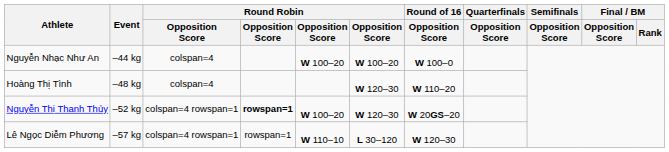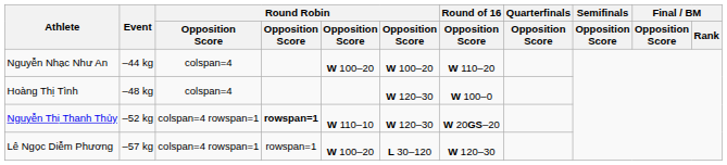 <table class="wikitable" style="font-size:90%">
 <tr>
 <th rowspan=2>Athlete</th>
 <th rowspan=2>Event</th>
 <th colspan=4>Round Robin</th>
 <th>Round of 16</th>
 <th>Quarterfinals</th>
 <th>Semifinals</th>
 <th colspan=2>Final / BM</th>
 </tr>
 <tr style="font-size:95">
 <th>Opposition<br>Score</th>
 <th>Opposition<br>Score</th>
 <th>Opposition<br>Score</th>
 <th>Opposition<br>Score</th>
 <th>Opposition<br>Score</th>
 <th>Opposition<br>Score</th>
 <th>Opposition<br>Score</th>
 <th>Opposition<br>Score</th>
 <th>Rank</th>
 </tr>
 <tr align=center>
 <td align=left>Nguyễn Nhạc Như An</td>
 <td align=left>–44 kg</td>
 <td>colspan=4 </td>
 <td></td>
 <td><br><strong>W</strong> 100–20</td>
 <td><br><strong>W</strong> 100–20</td>
-<td><br><strong>W</strong> 100–0</td>
+<td><br><strong>W</strong> 110–20</td>
 <td></td>
 </tr>
 <tr align=center>
 <td align=left>Hoàng Thị Tình</td>
 <td align=left>–48 kg</td>
 <td>colspan=4 </td>
 <td></td>
 <td></td>
 <td><br><strong>W</strong> 120–30</td>
-<td><br><strong>W</strong> 110–20</td>
+<td><br><strong>W</strong> 100–0</td>
 <td></td>
 </tr>
 <tr align=center>
 <td align=left><a href='#'>Nguyễn Thị Thanh Thủy</a></td>
 <td align=left>–52 kg</td>
 <td>colspan=4 rowspan=1 </td>
 <td><strong>rowspan=1 </strong></td>
-<td><br><strong>W</strong> 100–20</td>
+<td><br><strong>W</strong> 110–10</td>
 <td><br><strong>W</strong> 120–30</td>
 <td><br><strong>W</strong> 20<strong>GS</strong>–20</td>
 <td></td>
 </tr>
 <tr align=center>
 <td align=left>Lê Ngọc Diễm Phương</td>
 <td align=left>–57 kg</td>
 <td>colspan=4 rowspan=1 </td>
 <td>rowspan=1 </td>
-<td><br><strong>W</strong> 110–10</td>
+<td><br><strong>W</strong> 100–20</td>
 <td><br><strong>L</strong> 30–120</td>
 <td><br><strong>W</strong> 120–30</td>
 <td></td>
 </tr>
 </table>
